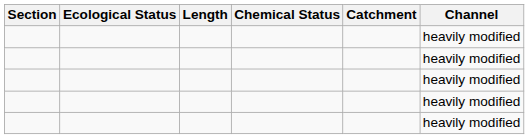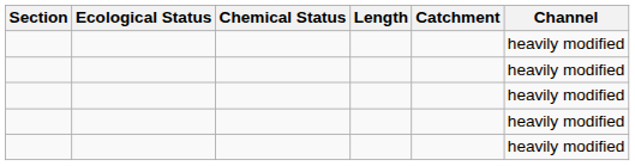 <table class="wikitable">
 <tr>
 <th>Section</th>
 <th>Ecological Status</th>
+<th>Chemical Status</th>
 <th>Length</th>
-<th>Chemical Status</th>
 <th>Catchment</th>
 <th>Channel</th>
 </tr>
 <tr>
 <td></td>
 <td></td>
 <td></td>
 <td></td>
 <td></td>
 <td>heavily modified</td>
 </tr>
 <tr>
 <td></td>
 <td></td>
 <td></td>
 <td></td>
 <td></td>
 <td>heavily modified</td>
 </tr>
 <tr>
 <td></td>
 <td></td>
 <td></td>
 <td></td>
 <td></td>
 <td>heavily modified</td>
 </tr>
 <tr>
 <td></td>
 <td></td>
 <td></td>
 <td></td>
 <td></td>
 <td>heavily modified</td>
 </tr>
 <tr>
 <td></td>
 <td></td>
 <td></td>
 <td></td>
 <td></td>
 <td>heavily modified</td>
 </tr>
 </table>
